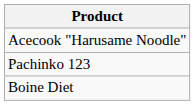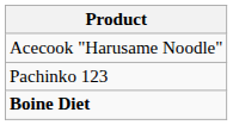 <table class="wikitable">
 <tr>
 <th>Product</th>
 </tr>
 <tr>
 <td>Acecook  "Harusame Noodle"</td>
 </tr>
 <tr>
 <td>Pachinko 123</td>
 </tr>
 <tr>
-<td>Boine Diet</td>
+<td><strong>Boine Diet</strong></td>
 </tr>
 </table>
